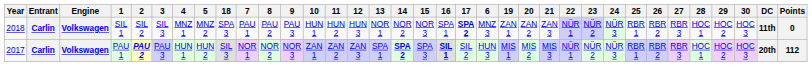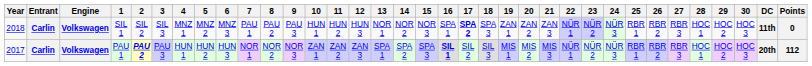 <table class="wikitable" style="text-align:center; font-size:85%">
 <tr>
 <th>Year</th>
 <th>Entrant</th>
 <th>Engine</th>
 <th>1</th>
 <th>2</th>
 <th>3</th>
 <th>4</th>
 <th>5</th>
-<th>18</th>
+<th>6</th>
 <th>7</th>
 <th>8</th>
 <th>9</th>
 <th>10</th>
 <th>11</th>
 <th>12</th>
 <th>13</th>
 <th>14</th>
 <th>15</th>
 <th>16</th>
 <th>17</th>
-<th>6</th>
+<th>18</th>
 <th>19</th>
 <th>20</th>
 <th>21</th>
 <th>22</th>
 <th>23</th>
 <th>24</th>
 <th>25</th>
 <th>26</th>
 <th>27</th>
 <th>28</th>
 <th>29</th>
 <th>30</th>
 <th>DC</th>
 <th>Points</th>
 </tr>
 <tr>
 <td><a href='#'>2018</a></td>
 <th><a href='#'>Carlin</a></th>
 <th><a href='#'>Volkswagen</a></th>
 <td><a href='#'>SIL<br>1</a></td>
 <td><a href='#'>SIL<br>2</a></td>
 <td><a href='#'>SIL<br>3</a></td>
 <td><a href='#'>MNZ<br>1</a></td>
 <td><a href='#'>MNZ<br>2</a></td>
-<td><a href='#'>SPA<br>3</a></td>
+<td><a href='#'>MNZ<br>3</a></td>
 <td><a href='#'>PAU<br>1</a></td>
 <td><a href='#'>PAU<br>2</a></td>
 <td><a href='#'>PAU<br>3</a></td>
 <td><a href='#'>HUN<br>1</a></td>
 <td><a href='#'>HUN<br>2</a></td>
 <td><a href='#'>HUN<br>3</a></td>
 <td><a href='#'>NOR<br>1</a></td>
 <td><a href='#'>NOR<br>2</a></td>
 <td><a href='#'>NOR<br>3</a></td>
 <td><a href='#'>SPA<br>1</a></td>
 <td><strong><a href='#'>SPA<br>2</a></strong></td>
-<td><a href='#'>MNZ<br>3</a></td>
+<td><a href='#'>SPA<br>3</a></td>
 <td><a href='#'>ZAN<br>1</a></td>
 <td><a href='#'>ZAN<br>2</a></td>
 <td><a href='#'>ZAN<br>3</a></td>
 <td style="background:#CFCFFF;"><a href='#'>NÜR<br>1</a><br></td>
 <td style="background:#CFCFFF;"><a href='#'>NÜR<br>2</a><br></td>
 <td style="background:#DFFFDF;"><a href='#'>NÜR<br>3</a><br></td>
 <td><a href='#'>RBR<br>1</a></td>
 <td><a href='#'>RBR<br>2</a></td>
 <td><a href='#'>RBR<br>3</a></td>
 <td><a href='#'>HOC<br>1</a></td>
 <td><a href='#'>HOC<br>2</a></td>
 <td><a href='#'>HOC<br>3</a></td>
 <th>11th</th>
 <th>0</th>
 </tr>
 <tr>
 <td><a href='#'>2017</a></td>
 <th><a href='#'>Carlin</a></th>
 <th><a href='#'>Volkswagen</a></th>
 <td style="background:#DFFFDF;"><a href='#'>PAU<br>1</a><br></td>
 <td style="background:#FFFFBF;"><strong><em><a href='#'>PAU<br>2</a></em></strong><br></td>
 <td style="background:#CFCFFF;"><a href='#'>PAU<br>3</a><br></td>
 <td style="background:#DFFFDF;"><a href='#'>HUN<br>1</a><br></td>
 <td style="background:#DFFFDF;"><a href='#'>HUN<br>2</a><br></td>
-<td style="background:#DFDFDF;"><a href='#'>SIL<br>3</a><br></td>
+<td style="background:#DFFFDF;"><a href='#'>HUN<br>3</a><br></td>
 <td style="background:#EFCFFF;"><a href='#'>NOR<br>1</a><br></td>
 <td style="background:#DFFFDF;"><a href='#'>NOR<br>2</a><br></td>
 <td style="background:#EFCFFF;"><a href='#'>NOR<br>3</a><br></td>
 <td style="background:#CFCFFF;"><a href='#'>ZAN<br>1</a><br></td>
 <td style="background:#CFCFFF;"><a href='#'>ZAN<br>2</a><br></td>
 <td style="background:#CFCFFF;"><a href='#'>ZAN<br>3</a><br></td>
 <td style="background:#CFCFFF;"><a href='#'>SPA<br>1</a><br></td>
-<td style="background:#DFFFDF;"><strong><a href='#'>SPA<br>2</a><br></strong></td>
+<td style="background:#DFFFDF;"><a href='#'>SPA<br>2</a><br></td>
 <td style="background:#CFCFFF;"><a href='#'>SPA<br>3</a><br></td>
 <td style="background:#DFDFDF;"><strong><a href='#'>SIL<br>1</a></strong><br></td>
 <td style="background:#DFFFDF;"><a href='#'>SIL<br>2</a><br></td>
-<td style="background:#DFFFDF;"><a href='#'>HUN<br>3</a><br></td>
+<td style="background:#DFDFDF;"><a href='#'>SIL<br>3</a><br></td>
 <td style="background:#CFCFFF;"><a href='#'>MIS<br>1</a><br></td>
 <td style="background:#DFFFDF;"><a href='#'>MIS<br>2</a><br></td>
 <td style="background:#CFCFFF;"><a href='#'>MIS<br>3</a><br></td>
 <td style="background:#CFCFFF;"><a href='#'>NÜR<br>1</a><br></td>
 <td style="background:#DFFFDF;"><a href='#'>NÜR<br>2</a><br></td>
 <td style="background:#DFFFDF;"><a href='#'>NÜR<br>3</a><br></td>
 <td style="background:#CFCFFF;"><a href='#'>RBR<br>1</a><br></td>
 <td style="background:#CFCFFF;"><a href='#'>RBR<br>2</a><br></td>
 <td style="background:#EFCFFF;"><a href='#'>RBR<br>3</a><br></td>
 <td style="background:#DFFFDF;"><a href='#'>HOC<br>1</a><br></td>
 <td style="background:#EFCFFF;"><a href='#'>HOC<br>2</a><br></td>
 <td style="background:#EFCFFF;"><a href='#'>HOC<br>3</a><br></td>
 <th>20th</th>
 <th>112</th>
 </tr>
 </table>
